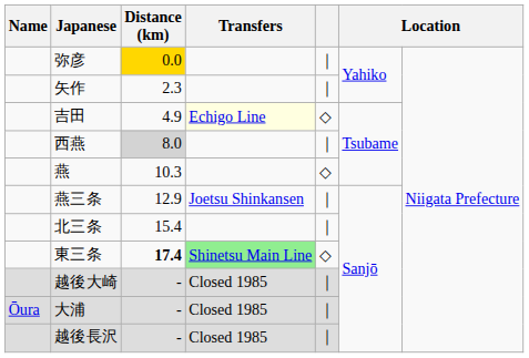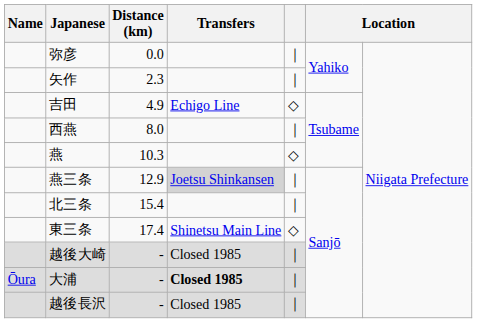 <table class="wikitable">
 <tr>
 <th>Name</th>
 <th>Japanese</th>
 <th>Distance<br>(km)</th>
 <th>Transfers</th>
 <th> </th>
 <th colspan="2">Location</th>
 </tr>
 <tr>
 <td></td>
 <td>弥彦</td>
-<td style="background: gold; text-align:right;">0.0</td>
+<td style="text-align:right;">0.0</td>
 <td> </td>
 <td>｜</td>
 <td rowspan="2"><a href='#'>Yahiko</a></td>
 <td rowspan="11"><a href='#'>Niigata Prefecture</a></td>
 </tr>
 <tr>
 <td></td>
 <td>矢作</td>
 <td style="text-align:right;">2.3</td>
 <td> </td>
 <td>｜</td>
 </tr>
 <tr>
 <td></td>
 <td>吉田</td>
 <td style="text-align:right;">4.9</td>
-<td style="background: lightyellow;"><a href='#'>Echigo Line</a></td>
+<td><a href='#'>Echigo Line</a></td>
 <td>◇</td>
 <td rowspan="3"><a href='#'>Tsubame</a></td>
 </tr>
 <tr>
 <td></td>
 <td>西燕</td>
-<td style="background: lightgrey; text-align:right;">8.0</td>
+<td style="text-align:right;">8.0</td>
 <td> </td>
 <td>｜</td>
 </tr>
 <tr>
 <td></td>
 <td>燕</td>
 <td style="text-align:right;">10.3</td>
 <td> </td>
 <td>◇</td>
 </tr>
 <tr>
 <td></td>
 <td>燕三条</td>
 <td style="text-align:right;">12.9</td>
-<td><a href='#'>Joetsu Shinkansen</a></td>
+<td style="background: lightgrey;"><a href='#'>Joetsu Shinkansen</a></td>
 <td>｜</td>
 <td rowspan="6"><a href='#'>Sanjō</a></td>
 </tr>
 <tr>
 <td></td>
 <td>北三条</td>
 <td style="text-align:right;">15.4</td>
 <td> </td>
 <td>｜</td>
 </tr>
 <tr>
 <td></td>
 <td>東三条</td>
-<td style="text-align:right;"><strong>17.4</strong></td>
-<td style="background: lightgreen;"><a href='#'>Shinetsu Main Line</a></td>
+<td style="text-align:right;">17.4</td>
+<td><a href='#'>Shinetsu Main Line</a></td>
 <td>◇</td>
 </tr>
 <tr>
 <td style="background: #DDDDDD"></td>
 <td style="background: #DDDDDD">越後大崎</td>
 <td style="background: #DDDDDD; text-align:right;">-</td>
 <td style="background: #DDDDDD">Closed 1985</td>
 <td style="background: #DDDDDD">｜</td>
 </tr>
 <tr>
 <td style="background: #DDDDDD"><a href='#'>Ōura</a></td>
 <td style="background: #DDDDDD">大浦</td>
 <td style="background: #DDDDDD; text-align:right;">-</td>
-<td style="background: #DDDDDD">Closed 1985</td>
+<td style="background: #DDDDDD"><strong>Closed 1985</strong></td>
 <td style="background: #DDDDDD">｜</td>
 </tr>
 <tr>
 <td style="background: #DDDDDD"></td>
 <td style="background: #DDDDDD">越後長沢</td>
 <td style="background: #DDDDDD; text-align:right;">-</td>
 <td style="background: #DDDDDD">Closed 1985</td>
 <td style="background: #DDDDDD">｜</td>
 </tr>
 </table>
